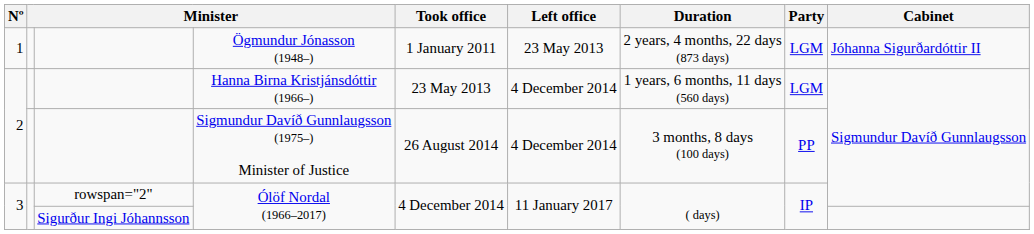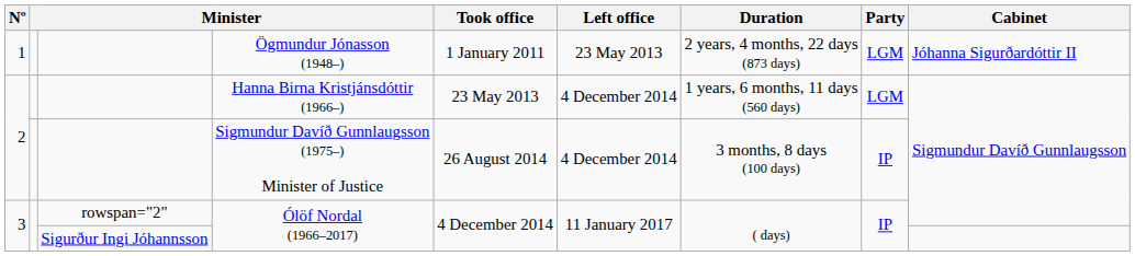 <table class="wikitable" style="text-align: center;">
 <tr>
 <th>Nº</th>
 <th colspan="3">Minister</th>
 <th>Took office</th>
 <th>Left office</th>
 <th>Duration</th>
 <th>Party</th>
 <th>Cabinet</th>
 </tr>
 <tr>
 <td style="text-align: right;">1</td>
 <td></td>
 <td></td>
 <td><a href='#'>Ögmundur Jónasson</a><br><small>(1948–)</small></td>
 <td>1 January 2011</td>
 <td>23 May 2013</td>
 <td>2 years, 4 months, 22 days<br><small>(873 days)</small></td>
 <td><a href='#'>LGM</a></td>
 <td style="text-align: left;"><a href='#'>Jóhanna Sigurðardóttir II</a></td>
 </tr>
 <tr>
 <td rowspan="2" style="text-align: right;">2</td>
 <td></td>
 <td></td>
 <td><a href='#'>Hanna Birna Kristjánsdóttir</a><br><small>(1966–)</small></td>
 <td>23 May 2013</td>
 <td>4 December 2014</td>
 <td>1 years, 6 months, 11 days<br><small>(560 days)</small></td>
 <td><a href='#'>LGM</a></td>
 <td rowspan="3" style="text-align: left;"><a href='#'>Sigmundur Davíð Gunnlaugsson</a></td>
 </tr>
 <tr>
 <td></td>
 <td></td>
 <td><a href='#'>Sigmundur Davíð Gunnlaugsson</a><br><small>(1975–)</small><br><br>Minister of Justice</td>
 <td>26 August 2014</td>
 <td>4 December 2014</td>
 <td>3 months, 8 days<br><small>(100 days)</small></td>
-<td><a href='#'>PP</a></td>
+<td><a href='#'>IP</a></td>
 </tr>
 <tr>
 <td rowspan="2" style="text-align: right;">3</td>
 <td rowspan="2"></td>
 <td>rowspan="2" </td>
 <td rowspan="2"><a href='#'>Ólöf Nordal</a><br><small>(1966–2017)</small></td>
 <td rowspan="2">4 December 2014</td>
 <td rowspan="2">11 January 2017</td>
 <td rowspan="2"><br><small>( days)</small></td>
 <td rowspan="2"><a href='#'>IP</a></td>
 </tr>
 <tr>
 <td style="text-align: left;"><a href='#'>Sigurður Ingi Jóhannsson</a></td>
 </tr>
 </table>
